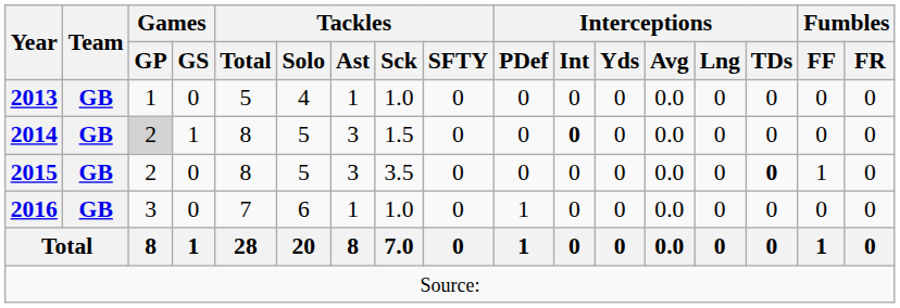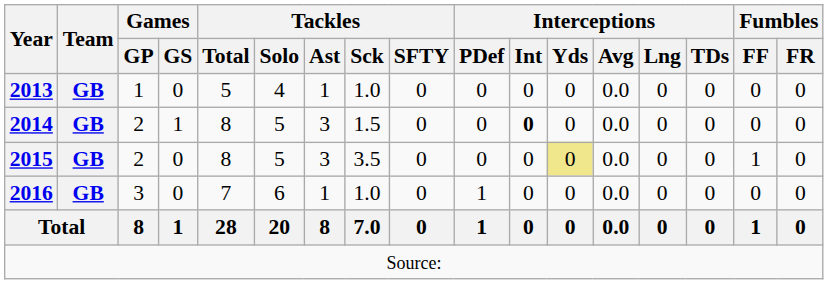 <table class="wikitable" style="text-align: center;">
 <tr>
 <th rowspan=2>Year</th>
 <th rowspan=2>Team</th>
 <th colspan=2>Games</th>
 <th colspan=5>Tackles</th>
 <th colspan=6>Interceptions</th>
 <th colspan=2>Fumbles</th>
 </tr>
 <tr>
 <th>GP</th>
 <th>GS</th>
 <th>Total</th>
 <th>Solo</th>
 <th>Ast</th>
 <th>Sck</th>
 <th>SFTY</th>
 <th>PDef</th>
 <th>Int</th>
 <th>Yds</th>
 <th>Avg</th>
 <th>Lng</th>
 <th>TDs</th>
 <th>FF</th>
 <th>FR</th>
 </tr>
 <tr>
 <th><a href='#'>2013</a></th>
 <th><a href='#'>GB</a></th>
 <td>1</td>
 <td>0</td>
 <td>5</td>
 <td>4</td>
 <td>1</td>
 <td>1.0</td>
 <td>0</td>
 <td>0</td>
 <td>0</td>
 <td>0</td>
 <td>0.0</td>
 <td>0</td>
 <td>0</td>
 <td>0</td>
 <td>0</td>
 </tr>
 <tr>
 <th><a href='#'>2014</a></th>
 <th><a href='#'>GB</a></th>
-<td style="background: lightgrey;">2</td>
+<td>2</td>
 <td>1</td>
 <td>8</td>
 <td>5</td>
 <td>3</td>
 <td>1.5</td>
 <td>0</td>
 <td>0</td>
 <td><strong>0</strong></td>
 <td>0</td>
 <td>0.0</td>
 <td>0</td>
 <td>0</td>
 <td>0</td>
 <td>0</td>
 </tr>
 <tr>
 <th><a href='#'>2015</a></th>
 <th><a href='#'>GB</a></th>
 <td>2</td>
 <td>0</td>
 <td>8</td>
 <td>5</td>
 <td>3</td>
 <td>3.5</td>
 <td>0</td>
 <td>0</td>
 <td>0</td>
-<td>0</td>
+<td style="background: khaki;">0</td>
 <td>0.0</td>
 <td>0</td>
-<td><strong>0</strong></td>
+<td>0</td>
 <td>1</td>
 <td>0</td>
 </tr>
 <tr>
 <th><a href='#'>2016</a></th>
 <th><a href='#'>GB</a></th>
 <td>3</td>
 <td>0</td>
 <td>7</td>
 <td>6</td>
 <td>1</td>
 <td>1.0</td>
 <td>0</td>
 <td>1</td>
 <td>0</td>
 <td>0</td>
 <td>0.0</td>
 <td>0</td>
 <td>0</td>
 <td>0</td>
 <td>0</td>
 </tr>
 <tr>
 <th colspan=2>Total</th>
 <th>8</th>
 <th>1</th>
 <th>28</th>
 <th>20</th>
 <th>8</th>
 <th>7.0</th>
 <th>0</th>
 <th>1</th>
 <th>0</th>
 <th>0</th>
 <th>0.0</th>
 <th>0</th>
 <th>0</th>
 <th>1</th>
 <th>0</th>
 </tr>
 <tr>
 <td colspan="17"><small>Source: </small></td>
 </tr>
 </table>
